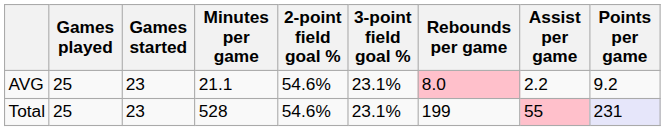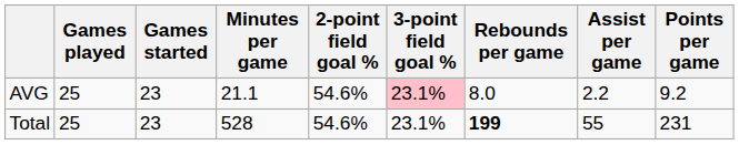 <table class="wikitable">
 <tr>
 <th></th>
 <th>Games played</th>
 <th>Games started</th>
 <th>Minutes per game</th>
 <th>2-point field goal %</th>
 <th>3-point field goal %</th>
 <th>Rebounds per game</th>
 <th>Assist per game</th>
 <th>Points per game</th>
 </tr>
 <tr>
 <td>AVG</td>
 <td>25</td>
 <td>23</td>
 <td>21.1</td>
 <td>54.6%</td>
-<td>23.1%</td>
-<td style="background: pink;">8.0</td>
+<td style="background: pink;">23.1%</td>
+<td>8.0</td>
 <td>2.2</td>
 <td>9.2</td>
 </tr>
 <tr>
 <td>Total</td>
 <td>25</td>
 <td>23</td>
 <td>528</td>
 <td>54.6%</td>
 <td>23.1%</td>
-<td>199</td>
-<td style="background: pink;">55</td>
-<td style="background: lavender;">231</td>
+<td><strong>199</strong></td>
+<td>55</td>
+<td>231</td>
 </tr>
 </table>
